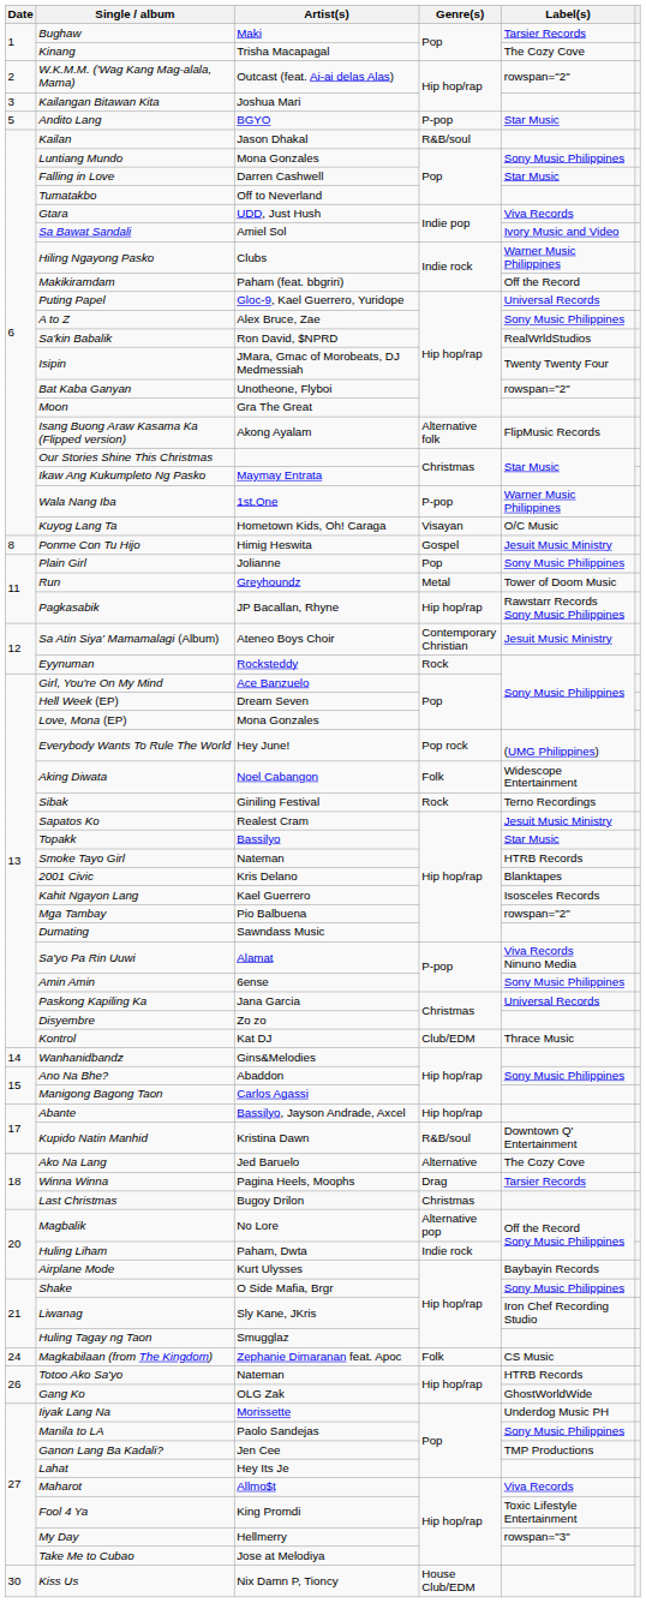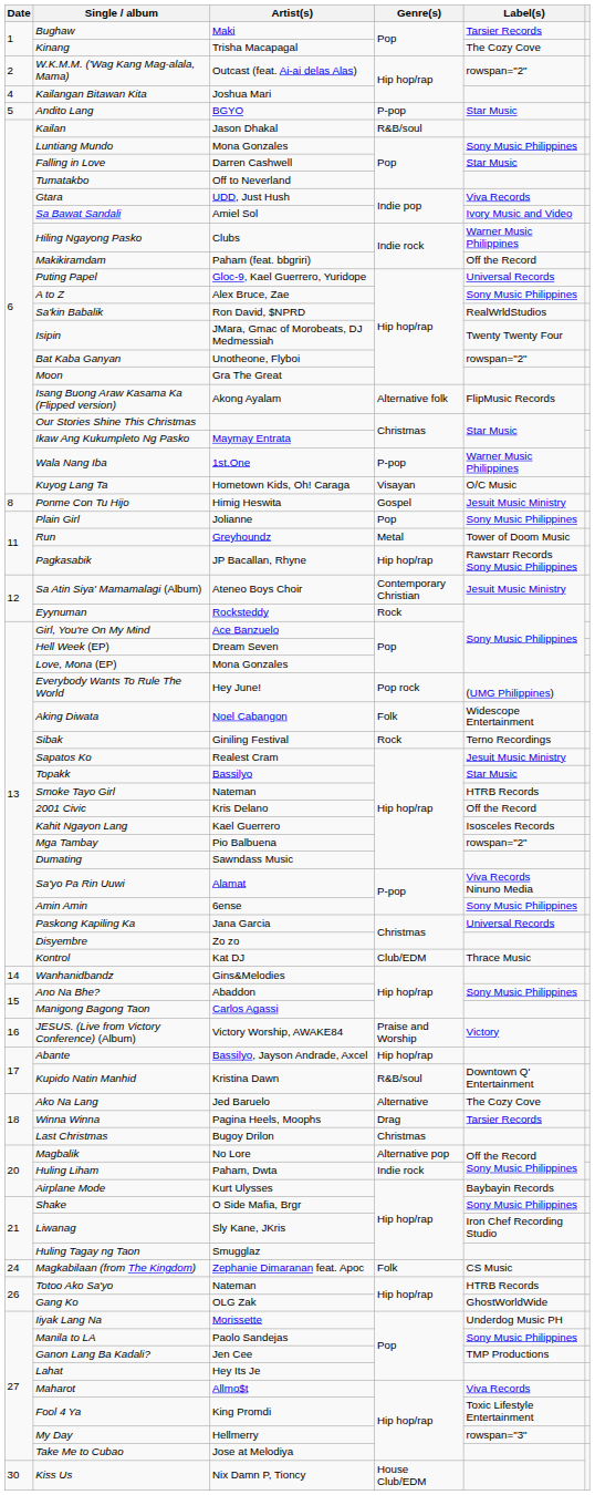 <table class="wikitable">
 <tr>
 <th>Date</th>
 <th>Single / album</th>
 <th>Artist(s)</th>
 <th>Genre(s)</th>
 <th>Label(s)</th>
 <th></th>
 </tr>
 <tr>
 <td rowspan="2">1</td>
 <td><em>Bughaw</em></td>
 <td><a href='#'>Maki</a></td>
 <td rowspan="2">Pop</td>
 <td><a href='#'>Tarsier Records</a></td>
 <td></td>
 </tr>
 <tr>
 <td><em>Kinang</em></td>
 <td>Trisha Macapagal</td>
 <td>The Cozy Cove</td>
 <td></td>
 </tr>
 <tr>
 <td>2</td>
 <td><em>W.K.M.M. ('Wag Kang Mag-alala, Mama)</em></td>
 <td>Outcast (feat. <a href='#'>Ai-ai delas Alas</a>)</td>
 <td rowspan="2">Hip hop/rap</td>
 <td>rowspan="2" </td>
 <td></td>
 </tr>
 <tr>
-<td>3</td>
+<td>4</td>
 <td><em>Kailangan Bitawan Kita</em></td>
 <td>Joshua Mari</td>
 <td></td>
 </tr>
 <tr>
 <td>5</td>
 <td><em>Andito Lang</em></td>
 <td><a href='#'>BGYO</a></td>
 <td>P-pop</td>
 <td><a href='#'>Star Music</a></td>
 <td></td>
 </tr>
 <tr>
 <td rowspan="19">6</td>
 <td><em>Kailan</em></td>
 <td>Jason Dhakal</td>
 <td>R&B/soul</td>
 <td></td>
 <td></td>
 </tr>
 <tr>
 <td><em>Luntiang Mundo</em></td>
 <td>Mona Gonzales</td>
 <td rowspan="3">Pop</td>
 <td><a href='#'>Sony Music Philippines</a></td>
 <td></td>
 </tr>
 <tr>
 <td><em>Falling in Love</em></td>
 <td>Darren Cashwell</td>
 <td><a href='#'>Star Music</a></td>
 <td></td>
 </tr>
 <tr>
 <td><em>Tumatakbo</em></td>
 <td>Off to Neverland</td>
 <td></td>
 <td></td>
 </tr>
 <tr>
 <td><em>Gtara</em></td>
 <td><a href='#'>UDD</a>, Just Hush</td>
 <td rowspan="2">Indie pop</td>
 <td><a href='#'>Viva Records</a></td>
 <td></td>
 </tr>
 <tr>
 <td><em><a href='#'>Sa Bawat Sandali</a></em></td>
 <td>Amiel Sol</td>
 <td><a href='#'>Ivory Music and Video</a></td>
 <td></td>
 </tr>
 <tr>
 <td><em>Hiling Ngayong Pasko</em></td>
 <td>Clubs</td>
 <td rowspan="2">Indie rock</td>
 <td><a href='#'>Warner Music Philippines</a></td>
 <td></td>
 </tr>
 <tr>
 <td><em>Makikiramdam</em></td>
 <td>Paham (feat. bbgriri)</td>
 <td>Off the Record<br></td>
 <td></td>
 </tr>
 <tr>
 <td><em>Puting Papel</em></td>
 <td><a href='#'>Gloc-9</a>, Kael Guerrero, Yuridope</td>
 <td rowspan="6">Hip hop/rap</td>
 <td><a href='#'>Universal Records</a></td>
 <td></td>
 </tr>
 <tr>
 <td><em>A to Z</em></td>
 <td>Alex Bruce, Zae</td>
 <td><a href='#'>Sony Music Philippines</a></td>
 <td></td>
 </tr>
 <tr>
 <td><em>Sa'kin Babalik</em></td>
 <td>Ron David, $NPRD</td>
 <td>RealWrldStudios</td>
 <td></td>
 </tr>
 <tr>
 <td><em>Isipin</em></td>
 <td>JMara, Gmac of Morobeats, DJ Medmessiah</td>
 <td>Twenty Twenty Four</td>
 <td></td>
 </tr>
 <tr>
 <td><em>Bat Kaba Ganyan</em></td>
 <td>Unotheone, Flyboi</td>
 <td>rowspan="2" </td>
 <td></td>
 </tr>
 <tr>
 <td><em>Moon</em></td>
 <td>Gra The Great</td>
 <td></td>
 </tr>
 <tr>
 <td><em>Isang Buong Araw Kasama Ka (Flipped version)</em></td>
 <td>Akong Ayalam</td>
 <td>Alternative folk</td>
 <td>FlipMusic Records</td>
 <td></td>
 </tr>
 <tr>
 <td><em>Our Stories Shine This Christmas</em></td>
 <td></td>
 <td rowspan="2">Christmas</td>
 <td rowspan="2"><a href='#'>Star Music</a></td>
 <td></td>
 </tr>
 <tr>
 <td><em>Ikaw Ang Kukumpleto Ng Pasko</em></td>
 <td><a href='#'>Maymay Entrata</a></td>
 <td></td>
 </tr>
 <tr>
 <td><em>Wala Nang Iba</em></td>
 <td><a href='#'>1st.One</a></td>
 <td>P-pop</td>
 <td><a href='#'>Warner Music Philippines</a></td>
 <td></td>
 </tr>
 <tr>
 <td><em>Kuyog Lang Ta</em></td>
 <td>Hometown Kids, Oh! Caraga</td>
 <td>Visayan</td>
 <td>O/C Music</td>
 <td></td>
 </tr>
 <tr>
 <td>8</td>
 <td><em>Ponme Con Tu Hijo</em></td>
 <td>Himig Heswita</td>
 <td>Gospel</td>
 <td><a href='#'>Jesuit Music Ministry</a></td>
 <td></td>
 </tr>
 <tr>
 <td rowspan="3">11</td>
 <td><em>Plain Girl</em></td>
 <td>Jolianne</td>
 <td>Pop</td>
 <td><a href='#'>Sony Music Philippines</a></td>
 <td></td>
 </tr>
 <tr>
 <td><em>Run</em></td>
 <td><a href='#'>Greyhoundz</a></td>
 <td>Metal</td>
 <td>Tower of Doom Music</td>
 <td></td>
 </tr>
 <tr>
 <td><em>Pagkasabik</em></td>
 <td>JP Bacallan, Rhyne</td>
 <td>Hip hop/rap</td>
 <td>Rawstarr Records<br><a href='#'>Sony Music Philippines</a></td>
 <td></td>
 </tr>
 <tr>
 <td rowspan="2">12</td>
 <td><em>Sa Atin Siya' Mamamalagi</em> (Album)</td>
 <td>Ateneo Boys Choir</td>
 <td>Contemporary<br>Christian</td>
 <td><a href='#'>Jesuit Music Ministry</a></td>
 <td></td>
 </tr>
 <tr>
 <td><em>Eyynuman</em></td>
 <td><a href='#'>Rocksteddy</a></td>
 <td>Rock</td>
 <td rowspan="4"><a href='#'>Sony Music Philippines</a></td>
 <td></td>
 </tr>
 <tr>
 <td rowspan="18">13</td>
 <td><em>Girl, You're On My Mind</em></td>
 <td><a href='#'>Ace Banzuelo</a></td>
 <td rowspan="3">Pop</td>
 <td></td>
 </tr>
 <tr>
 <td><em>Hell Week</em> (EP)</td>
 <td>Dream Seven</td>
 <td></td>
 </tr>
 <tr>
 <td><em>Love, Mona</em> (EP)</td>
 <td>Mona Gonzales</td>
 <td></td>
 </tr>
 <tr>
 <td><em>Everybody Wants To Rule The World</em></td>
 <td>Hey June!</td>
 <td>Pop rock</td>
 <td><br>(<a href='#'>UMG Philippines</a>)</td>
 <td></td>
 </tr>
 <tr>
 <td><em>Aking Diwata</em></td>
 <td><a href='#'>Noel Cabangon</a></td>
 <td>Folk</td>
 <td>Widescope Entertainment</td>
 <td></td>
 </tr>
 <tr>
 <td><em>Sibak</em></td>
 <td>Giniling Festival</td>
 <td>Rock</td>
 <td>Terno Recordings</td>
 <td></td>
 </tr>
 <tr>
 <td><em>Sapatos Ko</em></td>
 <td>Realest Cram</td>
 <td rowspan="7">Hip hop/rap</td>
 <td><a href='#'>Jesuit Music Ministry</a></td>
 <td></td>
 </tr>
 <tr>
 <td><em>Topakk</em></td>
 <td><a href='#'>Bassilyo</a></td>
 <td><a href='#'>Star Music</a></td>
 <td></td>
 </tr>
 <tr>
 <td><em>Smoke Tayo Girl</em></td>
 <td>Nateman</td>
 <td>HTRB Records</td>
 <td></td>
 </tr>
 <tr>
 <td><em>2001 Civic</em></td>
 <td>Kris Delano</td>
-<td>Blanktapes</td>
+<td>Off the Record<br></td>
 <td></td>
 </tr>
 <tr>
 <td><em>Kahit Ngayon Lang</em></td>
 <td>Kael Guerrero</td>
 <td>Isosceles Records</td>
 <td></td>
 </tr>
 <tr>
 <td><em>Mga Tambay</em></td>
 <td>Pio Balbuena</td>
 <td>rowspan="2" </td>
 <td></td>
 </tr>
 <tr>
 <td><em>Dumating</em></td>
 <td>Sawndass Music</td>
 <td></td>
 </tr>
 <tr>
 <td><em>Sa'yo Pa Rin Uuwi</em></td>
 <td><a href='#'>Alamat</a></td>
 <td rowspan="2">P-pop</td>
 <td><a href='#'>Viva Records</a><br>Ninuno Media</td>
 <td></td>
 </tr>
 <tr>
 <td><em>Amin Amin</em></td>
 <td>6ense</td>
 <td><a href='#'>Sony Music Philippines</a></td>
 <td></td>
 </tr>
 <tr>
 <td><em>Paskong Kapiling Ka</em></td>
 <td>Jana Garcia</td>
 <td rowspan="2">Christmas</td>
 <td><a href='#'>Universal Records</a></td>
 <td></td>
 </tr>
 <tr>
 <td><em>Disyembre</em></td>
 <td>Zo zo</td>
 <td></td>
 <td></td>
 </tr>
 <tr>
 <td><em>Kontrol</em></td>
 <td>Kat DJ</td>
 <td>Club/EDM</td>
 <td>Thrace Music</td>
 <td></td>
 </tr>
 <tr>
 <td>14</td>
 <td><em>Wanhanidbandz</em></td>
 <td>Gins&Melodies</td>
 <td rowspan="3">Hip hop/rap</td>
 <td></td>
 <td></td>
 </tr>
 <tr>
 <td rowspan="2">15</td>
 <td><em>Ano Na Bhe?</em></td>
 <td>Abaddon</td>
 <td><a href='#'>Sony Music Philippines</a></td>
 <td></td>
 </tr>
 <tr>
 <td><em>Manigong Bagong Taon</em></td>
 <td><a href='#'>Carlos Agassi</a></td>
 <td></td>
+<td></td>
+</tr>
+<tr>
+<td>16</td>
+<td><em>JESUS. (Live from Victory Conference)</em> (Album)</td>
+<td>Victory Worship, AWAKE84</td>
+<td>Praise and Worship</td>
+<td><a href='#'>Victory</a></td>
 <td></td>
 </tr>
 <tr>
 <td rowspan="2">17</td>
 <td><em>Abante</em></td>
 <td><a href='#'>Bassilyo</a>, Jayson Andrade, Axcel</td>
 <td>Hip hop/rap</td>
 <td></td>
 <td></td>
 </tr>
 <tr>
 <td><em>Kupido Natin Manhid</em></td>
 <td>Kristina Dawn</td>
 <td>R&B/soul</td>
 <td>Downtown Q' Entertainment</td>
 <td></td>
 </tr>
 <tr>
 <td rowspan="3">18</td>
 <td><em>Ako Na Lang</em></td>
 <td>Jed Baruelo</td>
 <td>Alternative</td>
 <td>The Cozy Cove</td>
 <td></td>
 </tr>
 <tr>
 <td><em>Winna Winna</em></td>
 <td>Pagina Heels, Moophs</td>
 <td>Drag</td>
 <td><a href='#'>Tarsier Records</a></td>
 <td></td>
 </tr>
 <tr>
 <td><em>Last Christmas</em></td>
 <td>Bugoy Drilon</td>
 <td>Christmas</td>
 <td></td>
 <td></td>
 </tr>
 <tr>
 <td rowspan="3">20</td>
 <td><em>Magbalik</em></td>
 <td>No Lore</td>
 <td>Alternative pop</td>
 <td rowspan="2">Off the Record<br><a href='#'>Sony Music Philippines</a></td>
 <td></td>
 </tr>
 <tr>
 <td><em>Huling Liham</em></td>
 <td>Paham, Dwta</td>
 <td>Indie rock</td>
 <td></td>
 </tr>
 <tr>
 <td><em>Airplane Mode</em></td>
 <td>Kurt Ulysses</td>
 <td rowspan="4">Hip hop/rap</td>
 <td>Baybayin Records</td>
 <td></td>
 </tr>
 <tr>
 <td rowspan="3">21</td>
 <td><em>Shake</em></td>
 <td>O Side Mafia, Brgr</td>
 <td><a href='#'>Sony Music Philippines</a></td>
 <td></td>
 </tr>
 <tr>
 <td><em>Liwanag</em></td>
 <td>Sly Kane, JKris</td>
 <td>Iron Chef Recording Studio</td>
 <td></td>
 </tr>
 <tr>
 <td><em>Huling Tagay ng Taon</em></td>
 <td>Smugglaz</td>
 <td></td>
 <td></td>
 </tr>
 <tr>
 <td>24</td>
 <td><em>Magkabilaan (from <a href='#'>The Kingdom</a>)</em></td>
 <td><a href='#'>Zephanie Dimaranan</a> feat. Apoc</td>
 <td>Folk</td>
 <td>CS Music</td>
 <td></td>
 </tr>
 <tr>
 <td rowspan="2">26</td>
 <td><em>Totoo Ako Sa'yo</em></td>
 <td>Nateman</td>
 <td rowspan="2">Hip hop/rap</td>
 <td>HTRB Records</td>
 <td></td>
 </tr>
 <tr>
 <td><em>Gang Ko</em></td>
 <td>OLG Zak</td>
 <td>GhostWorldWide</td>
 <td></td>
 </tr>
 <tr>
 <td rowspan="8">27</td>
 <td><em>Iiyak Lang Na</em></td>
 <td><a href='#'>Morissette</a></td>
 <td rowspan="4">Pop</td>
 <td>Underdog Music PH</td>
 <td></td>
 </tr>
 <tr>
 <td><em>Manila to LA</em></td>
 <td>Paolo Sandejas</td>
 <td><a href='#'>Sony Music Philippines</a></td>
 <td></td>
 </tr>
 <tr>
 <td><em>Ganon Lang Ba Kadali?</em></td>
 <td>Jen Cee</td>
 <td>TMP Productions</td>
 <td></td>
 </tr>
 <tr>
 <td><em>Lahat</em></td>
 <td>Hey Its Je</td>
 <td></td>
 <td></td>
 </tr>
 <tr>
 <td><em>Maharot</em></td>
 <td><a href='#'>Allmo$t</a></td>
 <td rowspan="4">Hip hop/rap</td>
 <td><a href='#'>Viva Records</a></td>
 <td></td>
 </tr>
 <tr>
 <td><em>Fool 4 Ya</em></td>
 <td>King Promdi</td>
 <td>Toxic Lifestyle Entertainment</td>
 <td></td>
 </tr>
 <tr>
 <td><em>My Day</em></td>
 <td>Hellmerry</td>
 <td>rowspan="3" </td>
 <td></td>
 </tr>
 <tr>
 <td><em>Take Me to Cubao</em></td>
 <td>Jose at Melodiya</td>
 <td></td>
 </tr>
 <tr>
 <td>30</td>
 <td><em>Kiss Us</em></td>
 <td>Nix Damn P, Tioncy</td>
 <td>House<br>Club/EDM</td>
 <td></td>
 </tr>
 </table>
